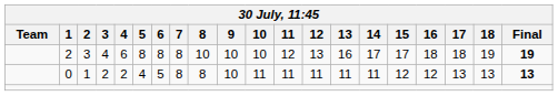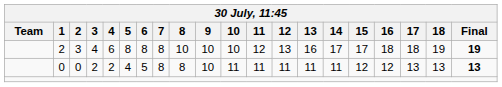 <table class=wikitable style="text-align:center; width: 55%">
 <tr>
 <th colspan=20><em>30 July, 11:45</em></th>
 </tr>
 <tr>
 <th>Team</th>
 <th>1</th>
 <th>2</th>
 <th>3</th>
 <th>4</th>
 <th>5</th>
 <th>6</th>
 <th>7</th>
 <th>8</th>
 <th>9</th>
 <th>10</th>
 <th>11</th>
 <th>12</th>
 <th>13</th>
 <th>14</th>
 <th>15</th>
 <th>16</th>
 <th>17</th>
 <th>18</th>
 <th>Final</th>
 </tr>
 <tr>
 <td align=left><strong></strong></td>
 <td>2</td>
 <td>3</td>
 <td>4</td>
 <td>6</td>
 <td>8</td>
 <td>8</td>
 <td>8</td>
 <td>10</td>
 <td>10</td>
 <td>10</td>
 <td>12</td>
 <td>13</td>
 <td>16</td>
 <td>17</td>
 <td>17</td>
 <td>18</td>
 <td>18</td>
 <td>19</td>
 <td><strong>19</strong></td>
 </tr>
 <tr>
 <td align=left></td>
 <td>0</td>
-<td>1</td>
+<td>0</td>
 <td>2</td>
 <td>2</td>
 <td>4</td>
 <td>5</td>
 <td>8</td>
 <td>8</td>
 <td>10</td>
 <td>11</td>
 <td>11</td>
 <td>11</td>
 <td>11</td>
 <td>11</td>
 <td>12</td>
 <td>12</td>
 <td>13</td>
 <td>13</td>
 <td><strong>13</strong></td>
 </tr>
 <tr>
 <td colspan=20></td>
 </tr>
 </table>
